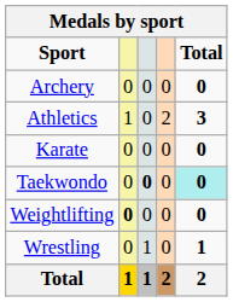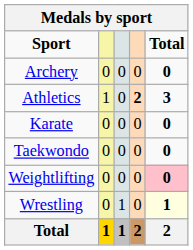 <table class="wikitable" style="font-size:85%">
 <tr style="background:#efefef;">
 <th colspan=7><strong>Medals by sport</strong></th>
 </tr>
 <tr align=center>
 <td><strong>Sport</strong></td>
 <td bgcolor=#f7f6a8></td>
 <td bgcolor=#dce5e5></td>
 <td bgcolor=#ffdab9></td>
 <td><strong>Total</strong></td>
 </tr>
 <tr align=center>
 <td><a href='#'>Archery</a></td>
 <td style="background:#F7F6A8;">0</td>
 <td style="background:#DCE5E5;">0</td>
 <td style="background:#FFDAB9;">0</td>
 <td><strong>0</strong></td>
 </tr>
 <tr align=center>
 <td><a href='#'>Athletics</a></td>
 <td style="background:#F7F6A8;">1</td>
 <td style="background:#DCE5E5;">0</td>
-<td style="background:#FFDAB9;">2</td>
+<td style="background:#FFDAB9;"><strong>2</strong></td>
 <td><strong>3</strong></td>
 </tr>
 <tr align=center>
 <td><a href='#'>Karate</a></td>
 <td style="background:#F7F6A8;">0</td>
 <td style="background:#DCE5E5;">0</td>
 <td style="background:#FFDAB9;">0</td>
 <td><strong>0</strong></td>
 </tr>
 <tr align=center>
 <td><a href='#'>Taekwondo</a></td>
 <td style="background:#F7F6A8;">0</td>
-<td style="background:#DCE5E5;"><strong>0</strong></td>
+<td style="background:#DCE5E5;">0</td>
 <td style="background:#FFDAB9;">0</td>
-<td style="background: paleturquoise;"><strong>0</strong></td>
+<td><strong>0</strong></td>
 </tr>
 <tr align=center>
 <td><a href='#'>Weightlifting</a></td>
-<td style="background:#F7F6A8;"><strong>0</strong></td>
+<td style="background:#F7F6A8;">0</td>
 <td style="background:#DCE5E5;">0</td>
 <td style="background:#FFDAB9;">0</td>
-<td><strong>0</strong></td>
+<td style="background: pink;"><strong>0</strong></td>
 </tr>
 <tr align=center>
 <td><a href='#'>Wrestling</a></td>
 <td style="background:#F7F6A8;">0</td>
 <td style="background:#DCE5E5;">1</td>
 <td style="background:#FFDAB9;">0</td>
-<td><strong>1</strong></td>
+<td style="background: lightyellow;"><strong>1</strong></td>
 </tr>
 <tr align=center>
 <th><strong>Total</strong></th>
 <th style="background:gold;"><strong>1</strong></th>
 <th style="background:silver;"><strong>1</strong></th>
 <th style="background:#c96;"><strong>2</strong></th>
 <th><strong>2</strong></th>
 </tr>
 </table>
